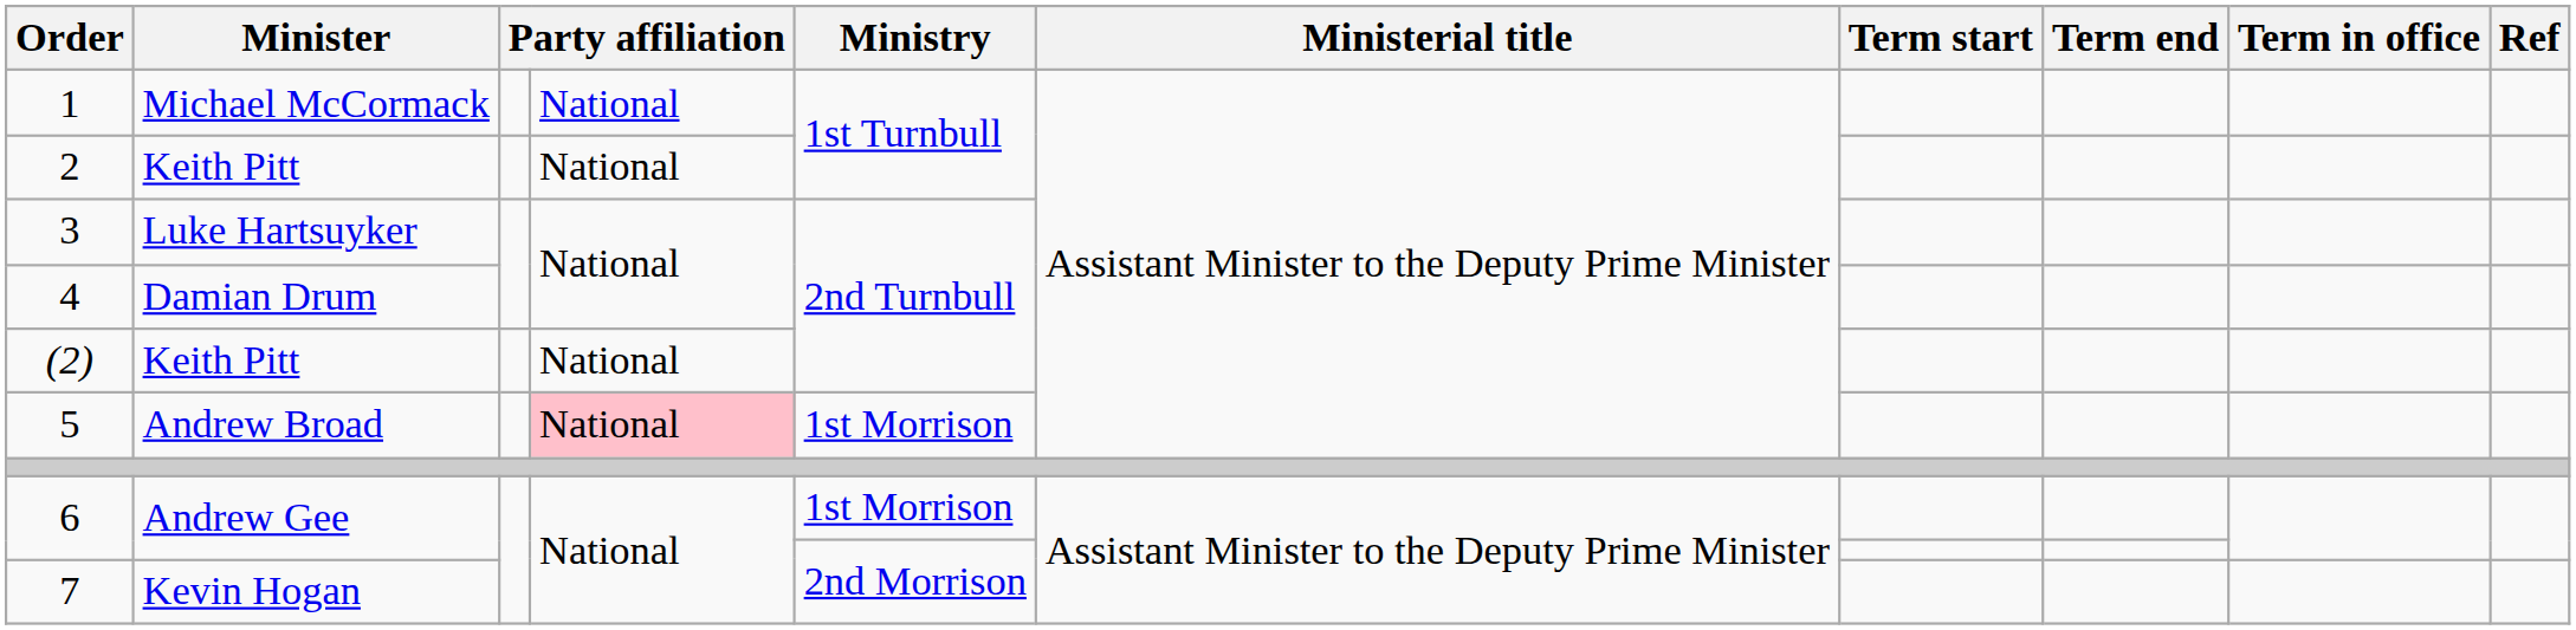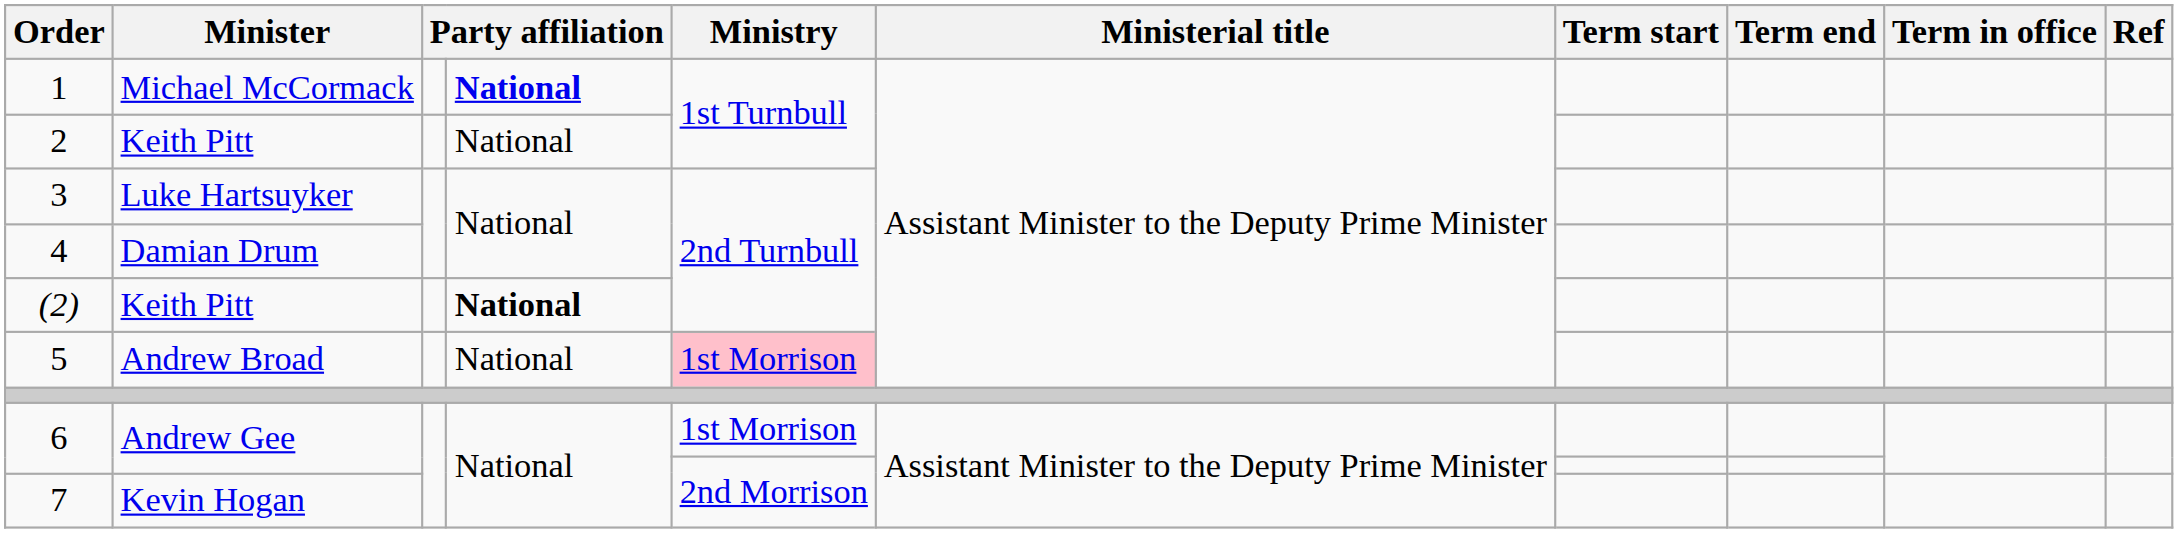 <table class="wikitable">
 <tr>
 <th>Order</th>
 <th>Minister</th>
 <th colspan=2>Party affiliation</th>
 <th>Ministry</th>
 <th>Ministerial title</th>
 <th>Term start</th>
 <th>Term end</th>
 <th>Term in office</th>
 <th>Ref</th>
 </tr>
 <tr>
 <td align=center>1</td>
 <td><a href='#'>Michael McCormack</a></td>
 <td></td>
-<td><a href='#'>National</a></td>
+<td><strong><a href='#'>National</a></strong></td>
 <td rowspan=2><a href='#'>1st Turnbull</a></td>
 <td rowspan=6>Assistant Minister to the Deputy Prime Minister</td>
 <td align=center></td>
 <td align=center></td>
 <td align=right></td>
 <td></td>
 </tr>
 <tr>
 <td align=center>2</td>
 <td><a href='#'>Keith Pitt</a></td>
 <td></td>
 <td>National </td>
 <td align=center></td>
 <td align=center></td>
 <td align=right></td>
 <td></td>
 </tr>
 <tr>
 <td align=center>3</td>
 <td><a href='#'>Luke Hartsuyker</a></td>
 <td rowspan=2 ></td>
 <td rowspan=2>National</td>
 <td rowspan=3><a href='#'>2nd Turnbull</a></td>
 <td align=center></td>
 <td align=center></td>
 <td align=right></td>
 <td></td>
 </tr>
 <tr>
 <td align=center>4</td>
 <td><a href='#'>Damian Drum</a></td>
 <td align=center></td>
 <td align=center></td>
 <td align=right></td>
 <td></td>
 </tr>
 <tr>
 <td align=center><em>(2)</em></td>
 <td><a href='#'>Keith Pitt</a></td>
 <td></td>
-<td>National </td>
+<td><strong>National </strong></td>
 <td align=center></td>
 <td align=center></td>
 <td align=right></td>
 <td></td>
 </tr>
 <tr>
 <td align=center>5</td>
 <td><a href='#'>Andrew Broad</a></td>
 <td></td>
-<td style="background: pink;">National</td>
-<td><a href='#'>1st Morrison</a></td>
+<td>National</td>
+<td style="background: pink;"><a href='#'>1st Morrison</a></td>
 <td align=center></td>
 <td align=center></td>
 <td align=right></td>
 <td></td>
 </tr>
 <tr>
 <th colspan=10 style="background: #cccccc;"></th>
 </tr>
 <tr>
 <td align=center rowspan=2>6</td>
 <td rowspan=2><a href='#'>Andrew Gee</a></td>
 <td rowspan=3 ></td>
 <td rowspan=3>National</td>
 <td><a href='#'>1st Morrison</a></td>
 <td rowspan=3>Assistant Minister to the Deputy Prime Minister</td>
 <td align=center></td>
 <td align=center></td>
 <td align=right rowspan=2></td>
 <td rowspan=2></td>
 </tr>
 <tr>
 <td rowspan=2><a href='#'>2nd Morrison</a></td>
 <td align=center></td>
 <td align=center></td>
 </tr>
 <tr>
 <td align=center>7</td>
 <td><a href='#'>Kevin Hogan</a></td>
 <td align=center></td>
 <td align=center></td>
 <td align=right><strong></strong></td>
 <td></td>
 </tr>
 </table>
